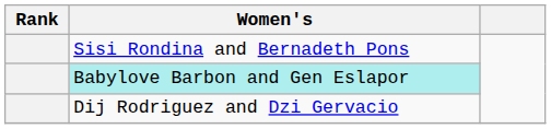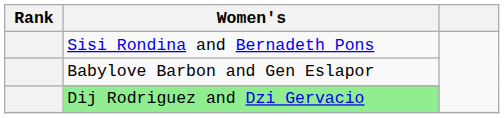 <table class="wikitable" style="text-align: center;">
 <tr>
 <th width=40>Rank</th>
 <th width=290>Women's</th>
 <th width=40></th>
 </tr>
 <tr>
 <th></th>
 <td style="text-align:left;"><a href='#'>Sisi Rondina</a> and <a href='#'>Bernadeth Pons</a> </td>
 <td rowspan=3><br></td>
 </tr>
 <tr>
 <th></th>
-<td style="background: paleturquoise; text-align:left;">Babylove Barbon and Gen Eslapor </td>
+<td style="text-align:left;">Babylove Barbon and Gen Eslapor </td>
 </tr>
 <tr>
 <th></th>
-<td style="text-align:left;">Dij Rodriguez and <a href='#'>Dzi Gervacio</a> </td>
+<td style="background: lightgreen; text-align:left;">Dij Rodriguez and <a href='#'>Dzi Gervacio</a> </td>
 </tr>
 <tr>
 </tr>
 </table>
